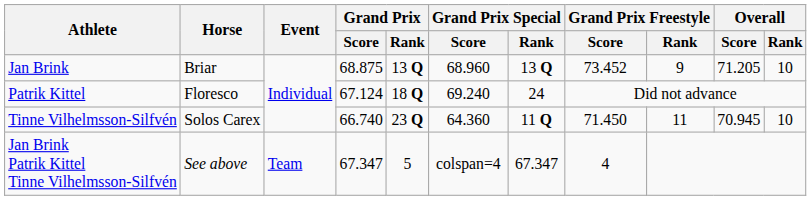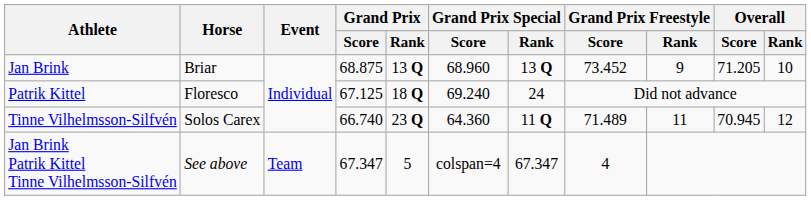 <table class=wikitable style="font-size:90%">
 <tr>
 <th rowspan="2">Athlete</th>
 <th rowspan="2">Horse</th>
 <th rowspan="2">Event</th>
 <th colspan="2">Grand Prix</th>
 <th colspan="2">Grand Prix Special</th>
 <th colspan="2">Grand Prix Freestyle</th>
 <th colspan="2">Overall</th>
 </tr>
 <tr style="font-size:95%">
 <th>Score</th>
 <th>Rank</th>
 <th>Score</th>
 <th>Rank</th>
 <th>Score</th>
 <th>Rank</th>
 <th>Score</th>
 <th>Rank</th>
 </tr>
 <tr align=center>
 <td align=left><a href='#'>Jan Brink</a></td>
 <td align=left>Briar</td>
 <td align=left rowspan=3><a href='#'>Individual</a></td>
 <td>68.875</td>
 <td>13 <strong>Q</strong></td>
 <td>68.960</td>
 <td>13 <strong>Q</strong></td>
 <td>73.452</td>
 <td>9</td>
 <td>71.205</td>
 <td>10</td>
 </tr>
 <tr align=center>
 <td align=left><a href='#'>Patrik Kittel</a></td>
 <td align=left>Floresco</td>
-<td>67.124</td>
+<td>67.125</td>
 <td>18 <strong>Q</strong></td>
 <td>69.240</td>
 <td>24</td>
 <td colspan=4>Did not advance</td>
 </tr>
 <tr align=center>
 <td align=left><a href='#'>Tinne Vilhelmsson-Silfvén</a></td>
 <td align=left>Solos Carex</td>
 <td>66.740</td>
 <td>23 <strong>Q</strong></td>
 <td>64.360</td>
 <td>11 <strong>Q</strong></td>
-<td>71.450</td>
+<td>71.489</td>
 <td>11</td>
 <td>70.945</td>
-<td>10</td>
+<td>12</td>
 </tr>
 <tr align=center>
 <td align=left><a href='#'>Jan Brink</a><br><a href='#'>Patrik Kittel</a><br><a href='#'>Tinne Vilhelmsson-Silfvén</a></td>
 <td align=left><em>See above</em></td>
 <td align=left><a href='#'>Team</a></td>
 <td>67.347</td>
 <td>5</td>
 <td>colspan=4 </td>
 <td>67.347</td>
 <td>4</td>
 </tr>
 </table>
